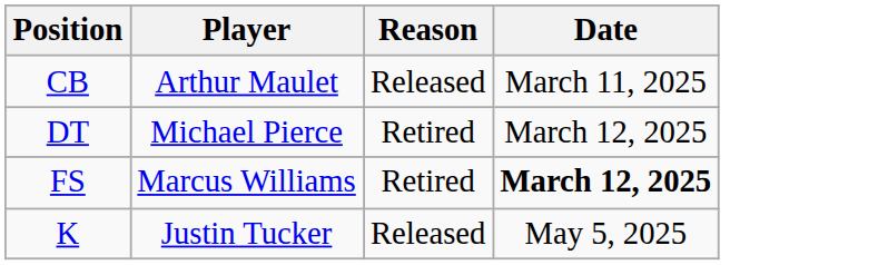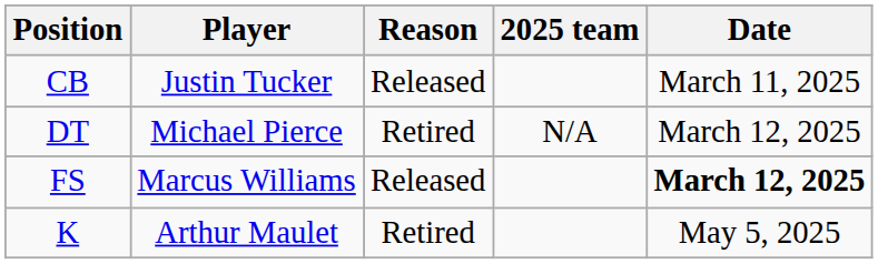 <table class="wikitable" style="text-align:center">
 <tr>
 <th>Position</th>
 <th>Player</th>
 <th>Reason</th>
+<th>2025 team</th>
 <th>Date</th>
 </tr>
 <tr>
 <td><a href='#'>CB</a></td>
-<td><a href='#'>Arthur Maulet</a></td>
+<td><a href='#'>Justin Tucker</a></td>
 <td>Released</td>
+<td></td>
 <td>March 11, 2025</td>
 </tr>
 <tr>
 <td><a href='#'>DT</a></td>
 <td><a href='#'>Michael Pierce</a></td>
 <td>Retired</td>
+<td>N/A</td>
 <td>March 12, 2025</td>
 </tr>
 <tr>
 <td><a href='#'>FS</a></td>
 <td><a href='#'>Marcus Williams</a></td>
-<td>Retired</td>
+<td>Released</td>
+<td></td>
 <td><strong>March 12, 2025</strong></td>
 </tr>
 <tr>
 <td><a href='#'>K</a></td>
-<td><a href='#'>Justin Tucker</a></td>
-<td>Released</td>
+<td><a href='#'>Arthur Maulet</a></td>
+<td>Retired</td>
+<td></td>
 <td>May 5, 2025</td>
 </tr>
 </table>
